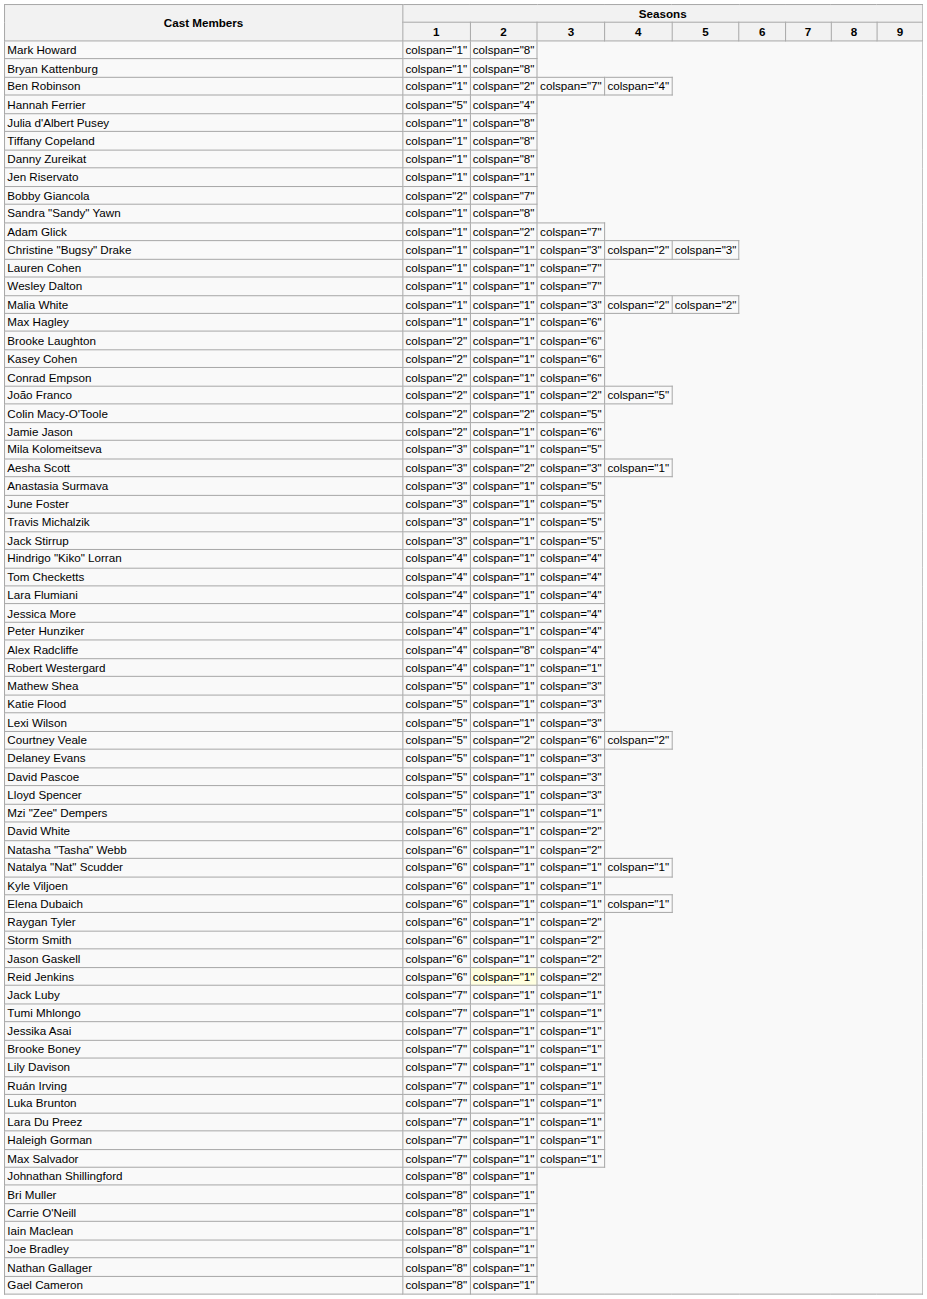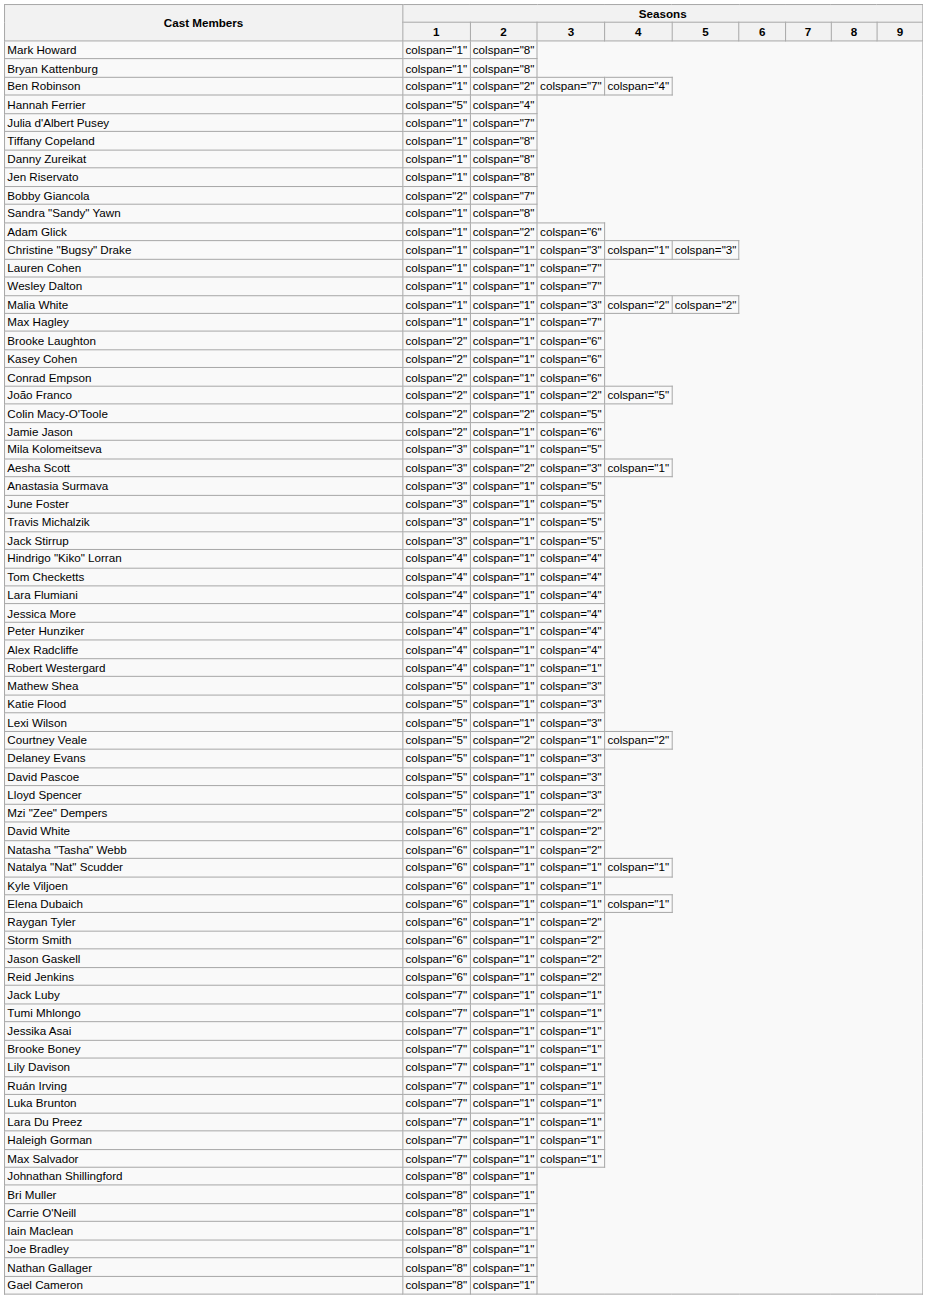 <table class="wikitable sortable" width="100%" style="font-size:70%">
 <tr>
 <th rowspan="2">Cast Members</th>
 <th colspan="9">Seasons</th>
 </tr>
 <tr>
 <th style="width:5%;">1</th>
 <th style="width:5%;">2</th>
 <th style="width:5%;">3</th>
 <th style="width:5%;">4</th>
 <th style="width:5%;">5</th>
 <th style="width:5%;">6</th>
 <th style="width:5%;">7</th>
 <th style="width:5%;">8</th>
 <th style="width:5%;">9</th>
 </tr>
 <tr>
 <td>Mark Howard</td>
 <td>colspan="1" </td>
 <td>colspan="8" </td>
 </tr>
 <tr>
 <td>Bryan Kattenburg</td>
 <td>colspan="1" </td>
 <td>colspan="8" </td>
 </tr>
 <tr>
 <td>Ben Robinson</td>
 <td>colspan="1" </td>
 <td>colspan="2" </td>
 <td>colspan="7" </td>
 <td>colspan="4" </td>
 </tr>
 <tr>
 <td>Hannah Ferrier</td>
 <td>colspan="5" </td>
 <td>colspan="4" </td>
 </tr>
 <tr>
 <td>Julia d'Albert Pusey</td>
 <td>colspan="1" </td>
-<td>colspan="8" </td>
+<td>colspan="7" </td>
 </tr>
 <tr>
 <td>Tiffany Copeland</td>
 <td>colspan="1" </td>
 <td>colspan="8" </td>
 </tr>
 <tr>
 <td>Danny Zureikat</td>
 <td>colspan="1" </td>
 <td>colspan="8" </td>
 </tr>
 <tr>
 <td>Jen Riservato</td>
 <td>colspan="1" </td>
-<td>colspan="1" </td>
+<td>colspan="8" </td>
 </tr>
 <tr>
 <td>Bobby Giancola</td>
 <td>colspan="2" </td>
 <td>colspan="7" </td>
 </tr>
 <tr>
 <td>Sandra "Sandy" Yawn</td>
 <td>colspan="1" </td>
 <td>colspan="8" </td>
 </tr>
 <tr>
 <td>Adam Glick</td>
 <td>colspan="1" </td>
 <td>colspan="2" </td>
-<td>colspan="7" </td>
+<td>colspan="6" </td>
 </tr>
 <tr>
 <td>Christine "Bugsy" Drake</td>
 <td>colspan="1" </td>
 <td>colspan="1" </td>
 <td>colspan="3" </td>
-<td>colspan="2" </td>
+<td>colspan="1" </td>
 <td>colspan="3" </td>
 </tr>
 <tr>
 <td>Lauren Cohen</td>
 <td>colspan="1" </td>
 <td>colspan="1" </td>
 <td>colspan="7" </td>
 </tr>
 <tr>
 <td>Wesley Dalton</td>
 <td>colspan="1" </td>
 <td>colspan="1" </td>
 <td>colspan="7" </td>
 </tr>
 <tr>
 <td>Malia White</td>
 <td>colspan="1" </td>
 <td>colspan="1" </td>
 <td>colspan="3" </td>
 <td>colspan="2" </td>
 <td>colspan="2" </td>
 </tr>
 <tr>
 <td>Max Hagley</td>
 <td>colspan="1" </td>
 <td>colspan="1" </td>
-<td>colspan="6" </td>
+<td>colspan="7" </td>
 </tr>
 <tr>
 <td>Brooke Laughton</td>
 <td>colspan="2" </td>
 <td>colspan="1" </td>
 <td>colspan="6" </td>
 </tr>
 <tr>
 <td>Kasey Cohen</td>
 <td>colspan="2" </td>
 <td>colspan="1" </td>
 <td>colspan="6" </td>
 </tr>
 <tr>
 <td>Conrad Empson</td>
 <td>colspan="2" </td>
 <td>colspan="1" </td>
 <td>colspan="6" </td>
 </tr>
 <tr>
 <td>João Franco</td>
 <td>colspan="2" </td>
 <td>colspan="1" </td>
 <td>colspan="2" </td>
 <td>colspan="5" </td>
 </tr>
 <tr>
 <td>Colin Macy-O'Toole</td>
 <td>colspan="2" </td>
 <td>colspan="2" </td>
 <td>colspan="5" </td>
 </tr>
 <tr>
 <td>Jamie Jason</td>
 <td>colspan="2" </td>
 <td>colspan="1" </td>
 <td>colspan="6" </td>
 </tr>
 <tr>
 <td>Mila Kolomeitseva</td>
 <td>colspan="3" </td>
 <td>colspan="1" </td>
 <td>colspan="5" </td>
 </tr>
 <tr>
 <td>Aesha Scott</td>
 <td>colspan="3" </td>
 <td>colspan="2" </td>
 <td>colspan="3" </td>
 <td>colspan="1" </td>
 </tr>
 <tr>
 <td>Anastasia Surmava</td>
 <td>colspan="3" </td>
 <td>colspan="1" </td>
 <td>colspan="5" </td>
 </tr>
 <tr>
 <td>June Foster</td>
 <td>colspan="3" </td>
 <td>colspan="1" </td>
 <td>colspan="5" </td>
 </tr>
 <tr>
 <td>Travis Michalzik</td>
 <td>colspan="3" </td>
 <td>colspan="1" </td>
 <td>colspan="5" </td>
 </tr>
 <tr>
 <td>Jack Stirrup</td>
 <td>colspan="3" </td>
 <td>colspan="1" </td>
 <td>colspan="5" </td>
 </tr>
 <tr>
 <td>Hindrigo "Kiko" Lorran</td>
 <td>colspan="4" </td>
 <td>colspan="1" </td>
 <td>colspan="4" </td>
 </tr>
 <tr>
 <td>Tom Checketts</td>
 <td>colspan="4" </td>
 <td>colspan="1" </td>
 <td>colspan="4" </td>
 </tr>
 <tr>
 <td>Lara Flumiani</td>
 <td>colspan="4" </td>
 <td>colspan="1" </td>
 <td>colspan="4" </td>
 </tr>
 <tr>
 <td>Jessica More</td>
 <td>colspan="4" </td>
 <td>colspan="1" </td>
 <td>colspan="4" </td>
 </tr>
 <tr>
 <td>Peter Hunziker</td>
 <td>colspan="4" </td>
 <td>colspan="1" </td>
 <td>colspan="4" </td>
 </tr>
 <tr>
 <td>Alex Radcliffe</td>
 <td>colspan="4" </td>
-<td>colspan="8" </td>
+<td>colspan="1" </td>
 <td>colspan="4" </td>
 </tr>
 <tr>
 <td>Robert Westergard</td>
 <td>colspan="4" </td>
 <td>colspan="1" </td>
 <td>colspan="1" </td>
 </tr>
 <tr>
 <td>Mathew Shea</td>
 <td>colspan="5" </td>
 <td>colspan="1" </td>
 <td>colspan="3" </td>
 </tr>
 <tr>
 <td>Katie Flood</td>
 <td>colspan="5" </td>
 <td>colspan="1" </td>
 <td>colspan="3" </td>
 </tr>
 <tr>
 <td>Lexi Wilson</td>
 <td>colspan="5" </td>
 <td>colspan="1" </td>
 <td>colspan="3" </td>
 </tr>
 <tr>
 <td>Courtney Veale</td>
 <td>colspan="5" </td>
 <td>colspan="2" </td>
-<td>colspan="6" </td>
+<td>colspan="1" </td>
 <td>colspan="2" </td>
 </tr>
 <tr>
 <td>Delaney Evans</td>
 <td>colspan="5" </td>
 <td>colspan="1" </td>
 <td>colspan="3" </td>
 </tr>
 <tr>
 <td>David Pascoe</td>
 <td>colspan="5" </td>
 <td>colspan="1" </td>
 <td>colspan="3" </td>
 </tr>
 <tr>
 <td>Lloyd Spencer</td>
 <td>colspan="5" </td>
 <td>colspan="1" </td>
 <td>colspan="3" </td>
 </tr>
 <tr>
 <td>Mzi "Zee" Dempers</td>
 <td>colspan="5" </td>
-<td>colspan="1" </td>
-<td>colspan="1" </td>
+<td>colspan="2" </td>
+<td>colspan="2" </td>
 </tr>
 <tr>
 <td>David White</td>
 <td>colspan="6" </td>
 <td>colspan="1" </td>
 <td>colspan="2" </td>
 </tr>
 <tr>
 <td>Natasha "Tasha" Webb</td>
 <td>colspan="6" </td>
 <td>colspan="1" </td>
 <td>colspan="2" </td>
 </tr>
 <tr>
 <td>Natalya "Nat" Scudder</td>
 <td>colspan="6" </td>
 <td>colspan="1" </td>
 <td>colspan="1" </td>
 <td>colspan="1" </td>
 </tr>
 <tr>
 <td>Kyle Viljoen</td>
 <td>colspan="6" </td>
 <td>colspan="1" </td>
 <td>colspan="1" </td>
 </tr>
 <tr>
 <td>Elena Dubaich</td>
 <td>colspan="6" </td>
 <td>colspan="1" </td>
 <td>colspan="1" </td>
 <td>colspan="1" </td>
 </tr>
 <tr>
 <td>Raygan Tyler</td>
 <td>colspan="6" </td>
 <td>colspan="1" </td>
 <td>colspan="2" </td>
 </tr>
 <tr>
 <td>Storm Smith</td>
 <td>colspan="6" </td>
 <td>colspan="1" </td>
 <td>colspan="2" </td>
 </tr>
 <tr>
 <td>Jason Gaskell</td>
 <td>colspan="6" </td>
 <td>colspan="1" </td>
 <td>colspan="2" </td>
 </tr>
 <tr>
 <td>Reid Jenkins</td>
 <td>colspan="6" </td>
-<td style="background: lightyellow;">colspan="1" </td>
+<td>colspan="1" </td>
 <td>colspan="2" </td>
 </tr>
 <tr>
 <td>Jack Luby</td>
 <td>colspan="7" </td>
 <td>colspan="1" </td>
 <td>colspan="1" </td>
 </tr>
 <tr>
 <td>Tumi Mhlongo</td>
 <td>colspan="7" </td>
 <td>colspan="1" </td>
 <td>colspan="1" </td>
 </tr>
 <tr>
 <td>Jessika Asai</td>
 <td>colspan="7" </td>
 <td>colspan="1" </td>
 <td>colspan="1" </td>
 </tr>
 <tr>
 <td>Brooke Boney</td>
 <td>colspan="7" </td>
 <td>colspan="1" </td>
 <td>colspan="1" </td>
 </tr>
 <tr>
 <td>Lily Davison</td>
 <td>colspan="7" </td>
 <td>colspan="1" </td>
 <td>colspan="1" </td>
 </tr>
 <tr>
 <td>Ruán Irving</td>
 <td>colspan="7" </td>
 <td>colspan="1" </td>
 <td>colspan="1" </td>
 </tr>
 <tr>
 <td>Luka Brunton</td>
 <td>colspan="7" </td>
 <td>colspan="1" </td>
 <td>colspan="1" </td>
 </tr>
 <tr>
 <td>Lara Du Preez</td>
 <td>colspan="7" </td>
 <td>colspan="1" </td>
 <td>colspan="1" </td>
 </tr>
 <tr>
 <td>Haleigh Gorman</td>
 <td>colspan="7" </td>
 <td>colspan="1" </td>
 <td>colspan="1" </td>
 </tr>
 <tr>
 <td>Max Salvador</td>
 <td>colspan="7" </td>
 <td>colspan="1" </td>
 <td>colspan="1" </td>
 </tr>
 <tr>
 <td>Johnathan Shillingford</td>
 <td>colspan="8" </td>
 <td>colspan="1" </td>
 </tr>
 <tr>
 <td>Bri Muller</td>
 <td>colspan="8" </td>
 <td>colspan="1" </td>
 </tr>
 <tr>
 <td>Carrie O'Neill</td>
 <td>colspan="8" </td>
 <td>colspan="1" </td>
 </tr>
 <tr>
 <td>Iain Maclean</td>
 <td>colspan="8" </td>
 <td>colspan="1" </td>
 </tr>
 <tr>
 <td>Joe Bradley</td>
 <td>colspan="8" </td>
 <td>colspan="1" </td>
 </tr>
 <tr>
 <td>Nathan Gallager</td>
 <td>colspan="8" </td>
 <td>colspan="1" </td>
 </tr>
 <tr>
 <td>Gael Cameron</td>
 <td>colspan="8" </td>
 <td>colspan="1" </td>
 </tr>
 </table>
